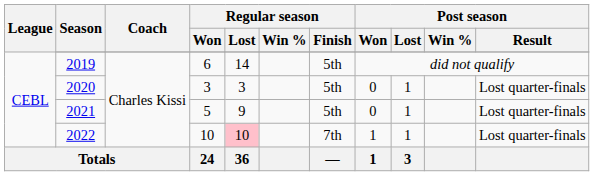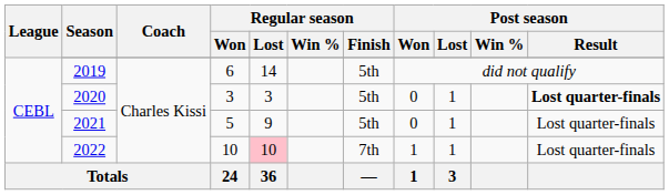 <table class="wikitable" style="font-size: 95%; text-align:center;">
 <tr>
 <th rowspan=2>League</th>
 <th rowspan="2">Season</th>
 <th rowspan="2">Coach</th>
 <th colspan="4">Regular season</th>
 <th colspan="4">Post season</th>
 </tr>
 <tr>
 <th>Won</th>
 <th>Lost</th>
 <th>Win %</th>
 <th>Finish</th>
 <th>Won</th>
 <th>Lost</th>
 <th>Win %</th>
 <th>Result</th>
 </tr>
 <tr>
 <td rowspan=5><a href='#'>CEBL</a></td>
 </tr>
 <tr>
 <td><a href='#'>2019</a></td>
 <td rowspan="4">Charles Kissi</td>
 <td>6</td>
 <td>14</td>
 <td></td>
 <td>5th</td>
 <td colspan=4><em>did not qualify</em></td>
 </tr>
 <tr>
 <td><a href='#'>2020</a></td>
 <td>3</td>
 <td>3</td>
 <td></td>
 <td>5th</td>
 <td>0</td>
 <td>1</td>
 <td></td>
-<td>Lost quarter-finals</td>
+<td><strong>Lost quarter-finals</strong></td>
 </tr>
 <tr>
 <td><a href='#'>2021</a></td>
 <td>5</td>
 <td>9</td>
 <td></td>
 <td>5th</td>
 <td>0</td>
 <td>1</td>
 <td></td>
 <td>Lost quarter-finals</td>
 </tr>
 <tr>
 <td><a href='#'>2022</a></td>
 <td>10</td>
 <td style="background: pink;">10</td>
 <td></td>
 <td>7th</td>
 <td>1</td>
 <td>1</td>
 <td></td>
 <td>Lost quarter-finals</td>
 </tr>
 <tr>
 <th colspan="3">Totals</th>
 <th>24</th>
 <th>36</th>
 <th></th>
 <th>—</th>
 <th>1</th>
 <th>3</th>
 <th></th>
 <th></th>
 </tr>
 </table>
